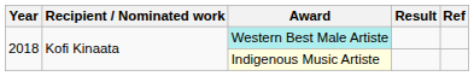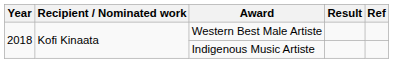 <table class="wikitable">
 <tr>
 <th>Year</th>
 <th>Recipient / Nominated work</th>
 <th>Award</th>
 <th>Result</th>
 <th>Ref</th>
 </tr>
 <tr>
 <td rowspan="2">2018</td>
 <td rowspan="2">Kofi Kinaata</td>
-<td style="background: paleturquoise;">Western Best Male Artiste</td>
+<td>Western Best Male Artiste</td>
 <td></td>
 <td></td>
 </tr>
 <tr>
-<td style="background: lightyellow;">Indigenous Music Artiste</td>
+<td>Indigenous Music Artiste</td>
 <td></td>
 <td></td>
 </tr>
 </table>
